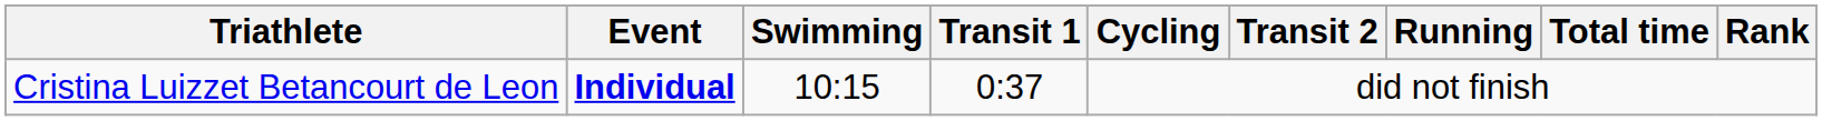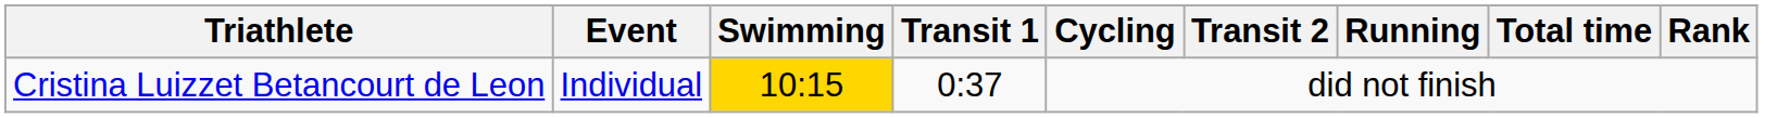 <table class="wikitable" border="1">
 <tr>
 <th>Triathlete</th>
 <th>Event</th>
 <th>Swimming</th>
 <th>Transit 1</th>
 <th>Cycling</th>
 <th>Transit 2</th>
 <th>Running</th>
 <th>Total time</th>
 <th>Rank</th>
 </tr>
 <tr>
 <td><a href='#'>Cristina Luizzet Betancourt de Leon</a></td>
-<td><strong><a href='#'>Individual</a></strong></td>
-<td align=center>10:15</td>
+<td><a href='#'>Individual</a></td>
+<td align=center style="background: gold;">10:15</td>
 <td align=center>0:37</td>
 <td align=center colspan=5>did not finish</td>
 </tr>
 </table>
